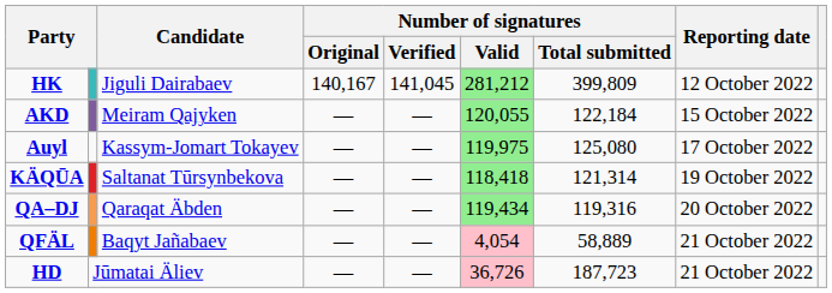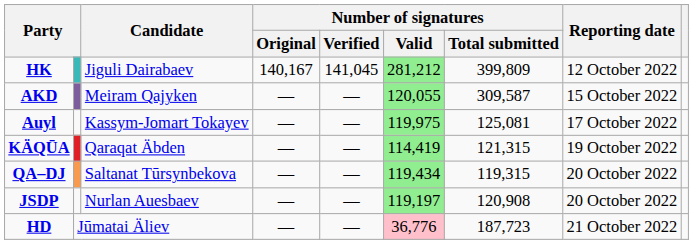 <table class="wikitable">
 <tr>
 <th colspan="2" rowspan="2">Party</th>
 <th rowspan="2">Candidate</th>
 <th colspan="4">Number of signatures</th>
 <th rowspan="2">Reporting date</th>
 <th rowspan="2"></th>
 </tr>
 <tr>
 <th>Original</th>
 <th>Verified</th>
 <th>Valid</th>
 <th>Total submitted</th>
 </tr>
 <tr>
 <td style="text-align:center;"><a href='#'><strong>HK</strong></a></td>
 <td style="background-color:#3AB9B9;"></td>
 <td><a href='#'>Jiguli Dairabaev</a></td>
 <td style="text-align:center;">140,167</td>
 <td style="text-align:center;">141,045</td>
 <td style="background-color:lightgreen; text-align:center;">281,212</td>
 <td style="text-align:center;">399,809</td>
 <td style="text-align:center;">12 October 2022</td>
 <td style="text-align:center;"></td>
 </tr>
 <tr>
 <td style="text-align:center;"><a href='#'><strong>AKD</strong></a></td>
 <td style="background-color:#7D5D9C;"></td>
 <td><a href='#'>Meiram Qajyken</a></td>
 <td style="text-align:center;">—</td>
 <td style="text-align:center;">—</td>
 <td style="background-color:lightgreen; text-align:center;">120,055</td>
-<td style="text-align:center;">122,184</td>
+<td style="text-align:center;">309,587</td>
 <td style="text-align:center;">15 October 2022</td>
 <td style="text-align:center;"></td>
 </tr>
 <tr>
 <td style="text-align:center;"><strong><a href='#'>Auyl</a></strong></td>
 <td style="background-color:"></td>
 <td><a href='#'>Kassym-Jomart Tokayev</a></td>
 <td style="text-align:center;">—</td>
 <td style="text-align:center;">—</td>
 <td style="background-color:lightgreen; text-align:center;">119,975</td>
-<td style="text-align:center;">125,080</td>
+<td style="text-align:center;">125,081</td>
 <td style="text-align:center;">17 October 2022</td>
 <td style="text-align:center;"></td>
 </tr>
 <tr>
 <td style="text-align:center;"><a href='#'><strong>KÄQŪA</strong></a></td>
 <td style="background-color:#DF2127;"></td>
-<td><a href='#'>Saltanat Tūrsynbekova</a></td>
+<td><a href='#'>Qaraqat Äbden</a></td>
 <td style="text-align:center;">—</td>
 <td style="text-align:center;">—</td>
-<td style="background-color:lightgreen; text-align:center;">118,418</td>
-<td style="text-align:center;">121,314</td>
+<td style="background-color:lightgreen; text-align:center;">114,419</td>
+<td style="text-align:center;">121,315</td>
 <td style="text-align:center;">19 October 2022</td>
 <td style="text-align:center;"></td>
 </tr>
 <tr>
 <td style="text-align:center;"><a href='#'><strong>QA–DJ</strong></a></td>
 <td style="background-color:#F89B4F;"></td>
-<td><a href='#'>Qaraqat Äbden</a></td>
+<td><a href='#'>Saltanat Tūrsynbekova</a></td>
 <td style="text-align:center;">—</td>
 <td style="text-align:center;">—</td>
 <td style="background-color:lightgreen; text-align:center;">119,434</td>
-<td style="text-align:center;">119,316</td>
+<td style="text-align:center;">119,315</td>
 <td style="text-align:center;">20 October 2022</td>
 <td style="text-align:center;"></td>
 </tr>
 <tr>
-<td style="text-align:center;"><strong><a href='#'>QFÄL</a></strong></td>
-<td style="background-color:#F07D00;"></td>
-<td><a href='#'>Baqyt Jañabaev</a></td>
+<td style="text-align:center;"><a href='#'><strong>JSDP</strong></a></td>
+<td style="background-color:"></td>
+<td><a href='#'>Nurlan Auesbaev</a></td>
 <td style="text-align:center;">—</td>
 <td style="text-align:center;">—</td>
-<td style="background-color:pink; text-align:center;">4,054</td>
-<td style="text-align:center;">58,889</td>
-<td style="text-align:center;">21 October 2022</td>
+<td style="background-color:lightgreen; text-align:center;">119,197</td>
+<td style="text-align:center;">120,908</td>
+<td style="text-align:center;">20 October 2022</td>
 <td style="text-align:center;"></td>
 </tr>
 <tr>
 <td style="text-align:center;"><a href='#'><strong>HD</strong></a></td>
 <td colspan="2"><a href='#'>Jūmatai Äliev</a></td>
 <td style="text-align:center;">—</td>
 <td style="text-align:center;">—</td>
-<td style="background-color:pink; text-align:center;">36,726</td>
+<td style="background-color:pink; text-align:center;">36,776</td>
 <td style="text-align:center;">187,723</td>
 <td style="text-align:center;">21 October 2022</td>
 <td style="text-align:center;"></td>
 </tr>
 </table>
